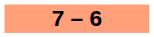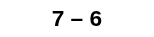 <table style="text-align:center">
 <tr>
 <th width=200></th>
 <th width=100></th>
 <th width=200></th>
 </tr>
 <tr>
 <td align=right></td>
-<td style="background: lightsalmon;"><strong>7 – 6</strong></td>
+<td><strong>7 – 6</strong></td>
 <td align=left></td>
 </tr>
 </table>
